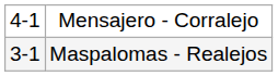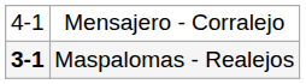 <table class="wikitable">
 <tr align=center bgcolor=white>
 <td>4-1</td>
 <td>Mensajero - Corralejo</td>
 </tr>
 <tr align=center bgcolor=#F5F5F5>
-<td>3-1</td>
+<td><strong>3-1</strong></td>
 <td>Maspalomas - Realejos</td>
 </tr>
 </table>
